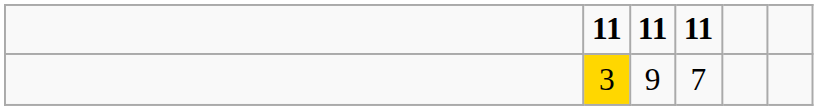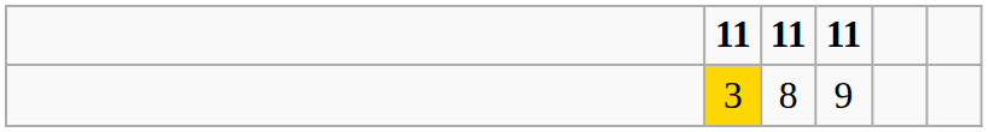 <table class="wikitable">
 <tr>
 <td style="width:18em"><strong></strong></td>
 <td align=center style="width:1em"><strong>11</strong></td>
 <td align=center style="width:1em"><strong>11</strong></td>
 <td align=center style="width:1em"><strong>11</strong></td>
 <td align=center style="width:1em"></td>
 <td align=center style="width:1em"></td>
 </tr>
 <tr>
 <td style="width:18em"></td>
 <td align=center style="background: gold; width:1em">3</td>
+<td align=center style="width:1em">8</td>
 <td align=center style="width:1em">9</td>
-<td align=center style="width:1em">7</td>
 <td align=center style="width:1em"></td>
 <td align=center style="width:1em"></td>
 </tr>
 </table>
